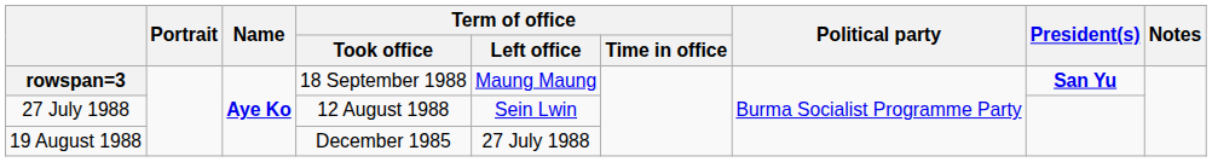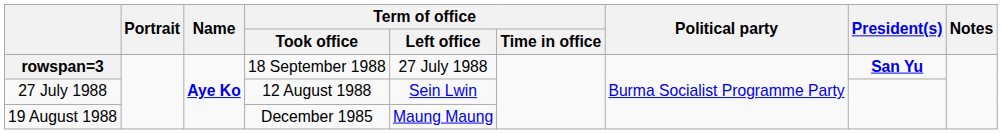 <table class="wikitable" style="text-align:center">
 <tr>
 <th rowspan=2></th>
 <th rowspan=2>Portrait</th>
 <th rowspan=2>Name<br></th>
 <th colspan=3>Term of office</th>
 <th rowspan=2>Political party</th>
 <th rowspan=2><a href='#'>President(s)</a></th>
 <th rowspan=2>Notes</th>
 </tr>
 <tr>
 <th>Took office</th>
 <th>Left office</th>
 <th>Time in office</th>
 </tr>
 <tr>
 <th>rowspan=3 </th>
 <td rowspan=3></td>
 <td rowspan=3><strong><a href='#'>Aye Ko</a></strong><br></td>
 <td>18 September 1988</td>
-<td><a href='#'>Maung Maung</a></td>
+<td>27 July 1988</td>
 <td rowspan=3></td>
 <td rowspan=3><a href='#'>Burma Socialist Programme Party</a></td>
 <td><strong><a href='#'>San Yu</a></strong></td>
 <td rowspan=3></td>
 </tr>
 <tr>
 <td>27 July 1988</td>
 <td>12 August 1988</td>
 <td><a href='#'>Sein Lwin</a></td>
 </tr>
 <tr>
 <td>19 August 1988</td>
 <td>December 1985</td>
-<td>27 July 1988</td>
+<td><a href='#'>Maung Maung</a></td>
 </tr>
 </table>
